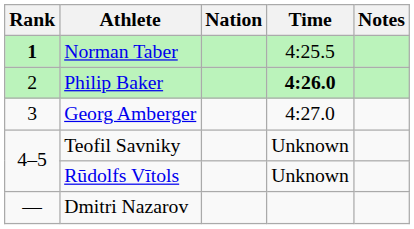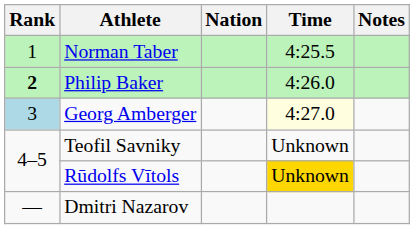 <table class="wikitable sortable" style="text-align:center">
 <tr>
 <th>Rank</th>
 <th>Athlete</th>
 <th>Nation</th>
 <th>Time</th>
 <th>Notes</th>
 </tr>
 <tr bgcolor=bbf3bb>
-<td><strong>1</strong></td>
+<td>1</td>
 <td align=left><a href='#'>Norman Taber</a></td>
 <td align=left></td>
 <td>4:25.5</td>
 <td></td>
 </tr>
 <tr bgcolor=bbf3bb>
-<td>2</td>
+<td><strong>2</strong></td>
 <td align=left><a href='#'>Philip Baker</a></td>
 <td align=left></td>
-<td><strong>4:26.0</strong></td>
+<td>4:26.0</td>
 <td></td>
 </tr>
 <tr>
-<td>3</td>
+<td style="background: lightblue;">3</td>
 <td align=left><a href='#'>Georg Amberger</a></td>
 <td align=left></td>
-<td>4:27.0</td>
+<td style="background: lightyellow;">4:27.0</td>
 <td></td>
 </tr>
 <tr>
 <td rowspan=2>4–5</td>
 <td align=left>Teofil Savniky</td>
 <td align=left></td>
 <td>Unknown</td>
 <td></td>
 </tr>
 <tr>
 <td align=left><a href='#'>Rūdolfs Vītols</a></td>
 <td align=left></td>
-<td>Unknown</td>
+<td style="background: gold;">Unknown</td>
 <td></td>
 </tr>
 <tr>
 <td data-sort-value=6>—</td>
 <td align=left>Dmitri Nazarov</td>
 <td align=left></td>
 <td></td>
 <td></td>
 </tr>
 </table>
